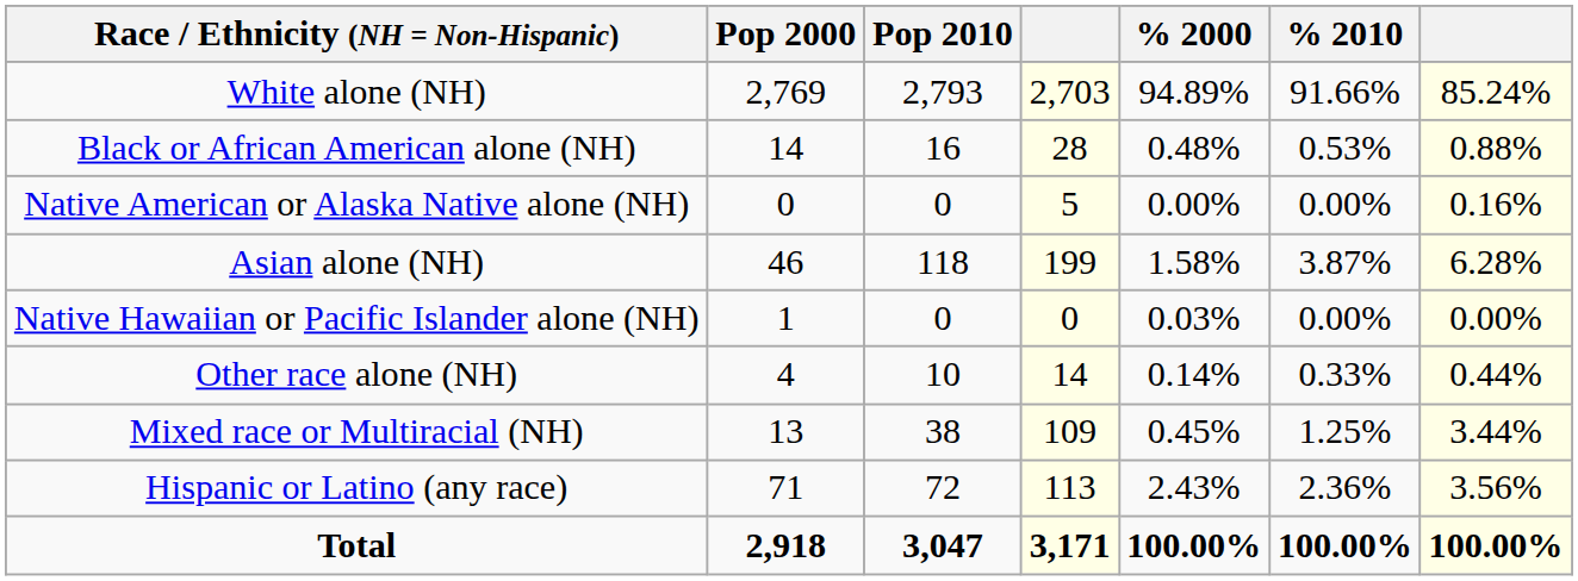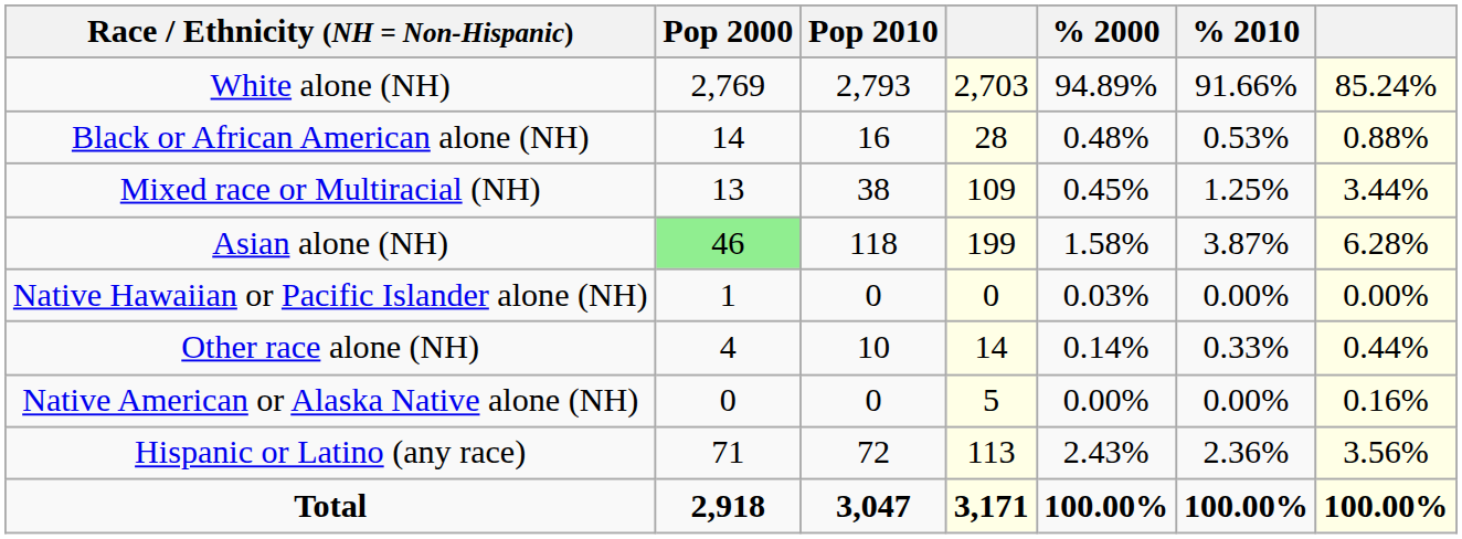 <table class="wikitable" style="text-align:center;">
 <tr>
 <th>Race / Ethnicity <small>(<em>NH = Non-Hispanic</em>)</small></th>
 <th>Pop 2000</th>
 <th>Pop 2010</th>
 <th></th>
 <th>% 2000</th>
 <th>% 2010</th>
 <th></th>
 </tr>
 <tr>
 <td><a href='#'>White</a> alone (NH)</td>
 <td>2,769</td>
 <td>2,793</td>
 <td style='background: #ffffe6;'>2,703</td>
 <td>94.89%</td>
 <td>91.66%</td>
 <td style='background: #ffffe6;'>85.24%</td>
 </tr>
 <tr>
 <td><a href='#'>Black or African American</a> alone (NH)</td>
 <td>14</td>
 <td>16</td>
 <td style='background: #ffffe6;'>28</td>
 <td>0.48%</td>
 <td>0.53%</td>
 <td style='background: #ffffe6;'>0.88%</td>
 </tr>
 <tr>
-<td><a href='#'>Native American</a> or <a href='#'>Alaska Native</a> alone (NH)</td>
-<td>0</td>
-<td>0</td>
-<td style='background: #ffffe6;'>5</td>
-<td>0.00%</td>
-<td>0.00%</td>
-<td style='background: #ffffe6;'>0.16%</td>
+<td><a href='#'>Mixed race or Multiracial</a> (NH)</td>
+<td>13</td>
+<td>38</td>
+<td style='background: #ffffe6;'>109</td>
+<td>0.45%</td>
+<td>1.25%</td>
+<td style='background: #ffffe6;'>3.44%</td>
 </tr>
 <tr>
 <td><a href='#'>Asian</a> alone (NH)</td>
-<td>46</td>
+<td style="background: lightgreen;">46</td>
 <td>118</td>
 <td style='background: #ffffe6;'>199</td>
 <td>1.58%</td>
 <td>3.87%</td>
 <td style='background: #ffffe6;'>6.28%</td>
 </tr>
 <tr>
 <td><a href='#'>Native Hawaiian</a> or <a href='#'>Pacific Islander</a> alone (NH)</td>
 <td>1</td>
 <td>0</td>
 <td style='background: #ffffe6;'>0</td>
 <td>0.03%</td>
 <td>0.00%</td>
 <td style='background: #ffffe6;'>0.00%</td>
 </tr>
 <tr>
 <td><a href='#'>Other race</a> alone (NH)</td>
 <td>4</td>
 <td>10</td>
 <td style='background: #ffffe6;'>14</td>
 <td>0.14%</td>
 <td>0.33%</td>
 <td style='background: #ffffe6;'>0.44%</td>
 </tr>
 <tr>
-<td><a href='#'>Mixed race or Multiracial</a> (NH)</td>
-<td>13</td>
-<td>38</td>
-<td style='background: #ffffe6;'>109</td>
-<td>0.45%</td>
-<td>1.25%</td>
-<td style='background: #ffffe6;'>3.44%</td>
+<td><a href='#'>Native American</a> or <a href='#'>Alaska Native</a> alone (NH)</td>
+<td>0</td>
+<td>0</td>
+<td style='background: #ffffe6;'>5</td>
+<td>0.00%</td>
+<td>0.00%</td>
+<td style='background: #ffffe6;'>0.16%</td>
 </tr>
 <tr>
 <td><a href='#'>Hispanic or Latino</a> (any race)</td>
 <td>71</td>
 <td>72</td>
 <td style='background: #ffffe6;'>113</td>
 <td>2.43%</td>
 <td>2.36%</td>
 <td style='background: #ffffe6;'>3.56%</td>
 </tr>
 <tr>
 <td><strong>Total</strong></td>
 <td><strong>2,918</strong></td>
 <td><strong>3,047</strong></td>
 <td style='background: #ffffe6;'><strong>3,171</strong></td>
 <td><strong>100.00%</strong></td>
 <td><strong>100.00%</strong></td>
 <td style='background: #ffffe6;'><strong>100.00%</strong></td>
 </tr>
 </table>
